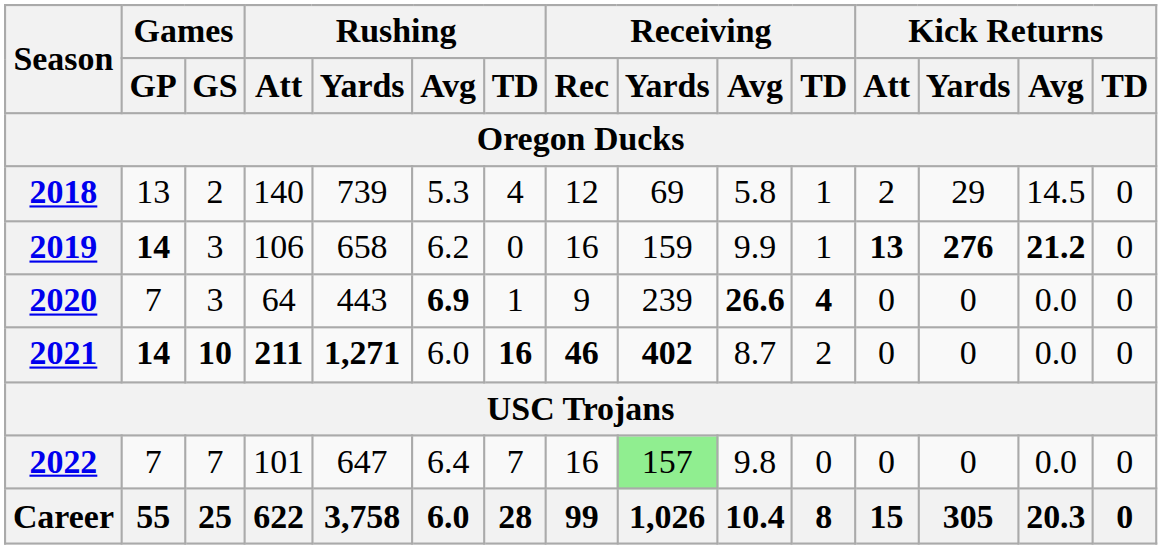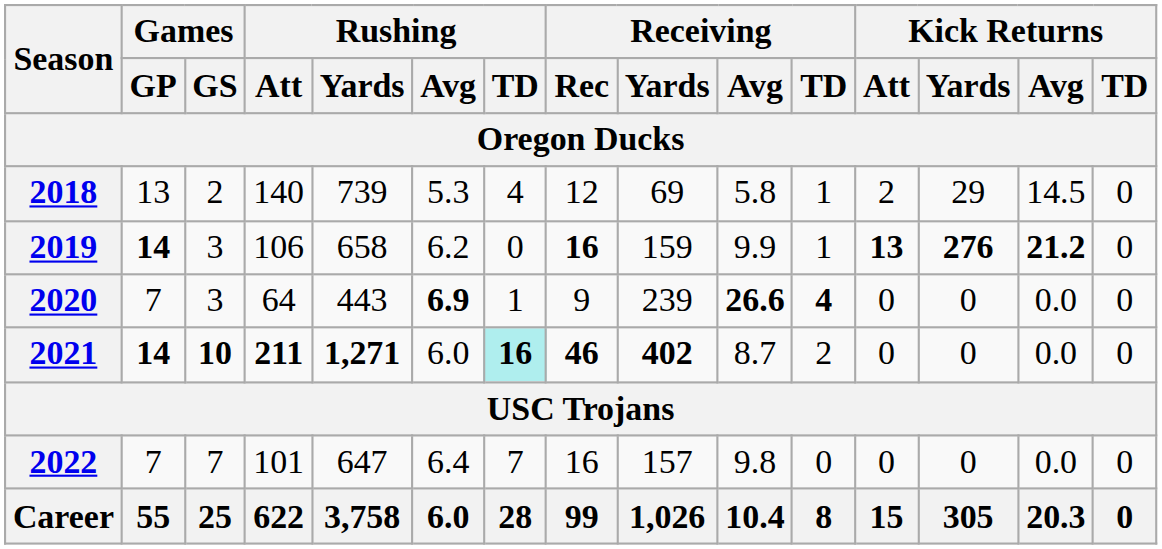 <table class="wikitable" style="text-align:center;">
 <tr>
 <th rowspan="2">Season</th>
 <th colspan="2">Games</th>
 <th colspan="4">Rushing</th>
 <th colspan="4">Receiving</th>
 <th colspan="4">Kick Returns</th>
 </tr>
 <tr>
 <th>GP</th>
 <th>GS</th>
 <th>Att</th>
 <th>Yards</th>
 <th>Avg</th>
 <th>TD</th>
 <th>Rec</th>
 <th>Yards</th>
 <th>Avg</th>
 <th>TD</th>
 <th>Att</th>
 <th>Yards</th>
 <th>Avg</th>
 <th>TD</th>
 </tr>
 <tr>
 <th colspan="15">Oregon Ducks</th>
 </tr>
 <tr>
 <th><a href='#'>2018</a></th>
 <td>13</td>
 <td>2</td>
 <td>140</td>
 <td>739</td>
 <td>5.3</td>
 <td>4</td>
 <td>12</td>
 <td>69</td>
 <td>5.8</td>
 <td>1</td>
 <td>2</td>
 <td>29</td>
 <td>14.5</td>
 <td>0</td>
 </tr>
 <tr>
 <th><a href='#'>2019</a></th>
 <td><strong>14</strong></td>
 <td>3</td>
 <td>106</td>
 <td>658</td>
 <td>6.2</td>
 <td>0</td>
-<td>16</td>
+<td><strong>16</strong></td>
 <td>159</td>
 <td>9.9</td>
 <td>1</td>
 <td><strong>13</strong></td>
 <td><strong>276</strong></td>
 <td><strong>21.2</strong></td>
 <td>0</td>
 </tr>
 <tr>
 <th><a href='#'>2020</a></th>
 <td>7</td>
 <td>3</td>
 <td>64</td>
 <td>443</td>
 <td><strong>6.9</strong></td>
 <td>1</td>
 <td>9</td>
 <td>239</td>
 <td><strong>26.6</strong></td>
 <td><strong>4</strong></td>
 <td>0</td>
 <td>0</td>
 <td>0.0</td>
 <td>0</td>
 </tr>
 <tr>
 <th><a href='#'>2021</a></th>
 <td><strong>14</strong></td>
 <td><strong>10</strong></td>
 <td><strong>211</strong></td>
 <td><strong>1,271</strong></td>
 <td>6.0</td>
-<td><strong>16</strong></td>
+<td style="background: paleturquoise;"><strong>16</strong></td>
 <td><strong>46</strong></td>
 <td><strong>402</strong></td>
 <td>8.7</td>
 <td>2</td>
 <td>0</td>
 <td>0</td>
 <td>0.0</td>
 <td>0</td>
 </tr>
 <tr>
 <th colspan="15">USC Trojans</th>
 </tr>
 <tr>
 <th><a href='#'>2022</a></th>
 <td>7</td>
 <td>7</td>
 <td>101</td>
 <td>647</td>
 <td>6.4</td>
 <td>7</td>
 <td>16</td>
-<td style="background: lightgreen;">157</td>
+<td>157</td>
 <td>9.8</td>
 <td>0</td>
 <td>0</td>
 <td>0</td>
 <td>0.0</td>
 <td>0</td>
 </tr>
 <tr>
 <th>Career</th>
 <th>55</th>
 <th>25</th>
 <th>622</th>
 <th>3,758</th>
 <th>6.0</th>
 <th>28</th>
 <th>99</th>
 <th>1,026</th>
 <th>10.4</th>
 <th>8</th>
 <th>15</th>
 <th>305</th>
 <th>20.3</th>
 <th>0</th>
 </tr>
 </table>
